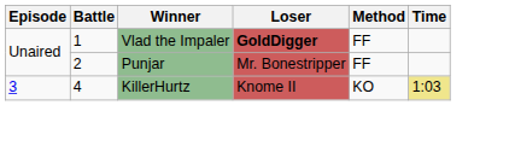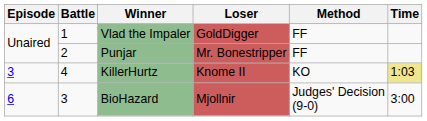 <table class="wikitable">
 <tr>
 <th>Episode</th>
 <th>Battle</th>
 <th>Winner</th>
 <th>Loser</th>
 <th>Method</th>
 <th>Time</th>
 </tr>
 <tr>
 <td rowspan="2">Unaired</td>
 <td>1</td>
 <td style="background:DarkSeaGreen;">Vlad the Impaler</td>
-<td style="background:IndianRed;"><strong>GoldDigger</strong></td>
+<td style="background:IndianRed;">GoldDigger</td>
 <td>FF</td>
 <td></td>
 </tr>
 <tr>
 <td>2</td>
 <td style="background:DarkSeaGreen;">Punjar</td>
 <td style="background:IndianRed;">Mr. Bonestripper</td>
 <td>FF</td>
 <td></td>
 </tr>
 <tr>
 <td><a href='#'>3</a></td>
 <td>4</td>
 <td style="background:DarkSeaGreen;">KillerHurtz</td>
 <td style="background:IndianRed;">Knome II</td>
 <td>KO</td>
 <td style="background: khaki;">1:03</td>
 </tr>
+<tr>
+<td><a href='#'>6</a></td>
+<td>3</td>
+<td style="background:DarkSeaGreen;">BioHazard</td>
+<td style="background:IndianRed;">Mjollnir</td>
+<td>Judges' Decision<br>(9-0)</td>
+<td>3:00</td>
+</tr>
 </table>
